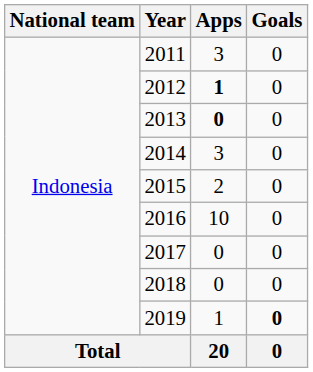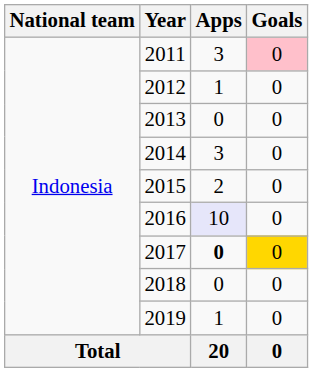 <table class="wikitable" style="text-align:center">
 <tr>
 <th>National team</th>
 <th>Year</th>
 <th>Apps</th>
 <th>Goals</th>
 </tr>
 <tr>
 <td rowspan=9><a href='#'>Indonesia</a></td>
 <td>2011</td>
 <td>3</td>
-<td>0</td>
+<td style="background: pink;">0</td>
 </tr>
 <tr>
 <td>2012</td>
-<td><strong>1</strong></td>
+<td>1</td>
 <td>0</td>
 </tr>
 <tr>
 <td>2013</td>
-<td><strong>0</strong></td>
+<td>0</td>
 <td>0</td>
 </tr>
 <tr>
 <td>2014</td>
 <td>3</td>
 <td>0</td>
 </tr>
 <tr>
 <td>2015</td>
 <td>2</td>
 <td>0</td>
 </tr>
 <tr>
 <td>2016</td>
-<td>10</td>
+<td style="background: lavender;">10</td>
 <td>0</td>
 </tr>
 <tr>
 <td>2017</td>
-<td>0</td>
-<td>0</td>
+<td><strong>0</strong></td>
+<td style="background: gold;">0</td>
 </tr>
 <tr>
 <td>2018</td>
 <td>0</td>
 <td>0</td>
 </tr>
 <tr>
 <td>2019</td>
 <td>1</td>
-<td><strong>0</strong></td>
+<td>0</td>
 </tr>
 <tr>
 <th colspan=2>Total</th>
 <th>20</th>
 <th>0</th>
 </tr>
 </table>
